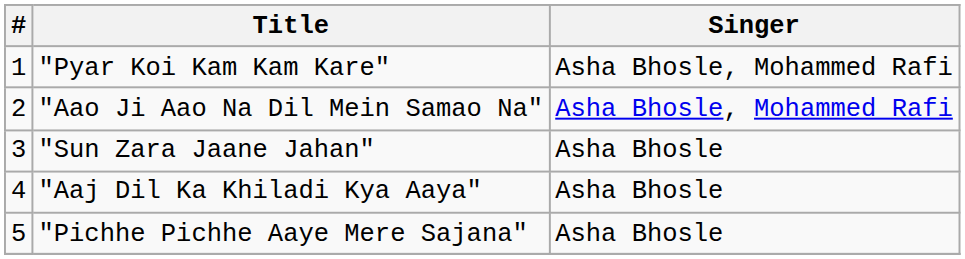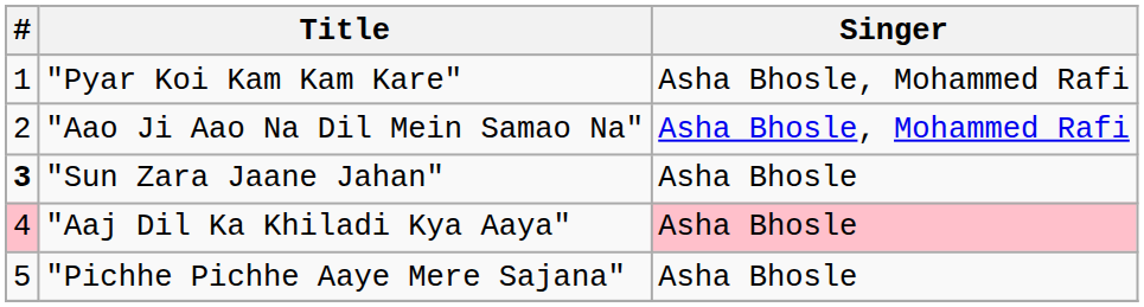 <table class="wikitable">
 <tr>
 <th>#</th>
 <th>Title</th>
 <th>Singer</th>
 </tr>
 <tr>
 <td>1</td>
 <td>"Pyar Koi Kam Kam Kare"</td>
 <td>Asha Bhosle, Mohammed Rafi</td>
 </tr>
 <tr>
 <td>2</td>
 <td>"Aao Ji Aao Na Dil Mein Samao Na"</td>
 <td><a href='#'>Asha Bhosle</a>, <a href='#'>Mohammed Rafi</a></td>
 </tr>
 <tr>
-<td>3</td>
+<td><strong>3</strong></td>
 <td>"Sun Zara Jaane Jahan"</td>
 <td>Asha Bhosle</td>
 </tr>
 <tr>
-<td>4</td>
+<td style="background: pink;">4</td>
 <td>"Aaj Dil Ka Khiladi Kya Aaya"</td>
-<td>Asha Bhosle</td>
+<td style="background: pink;">Asha Bhosle</td>
 </tr>
 <tr>
 <td>5</td>
 <td>"Pichhe Pichhe Aaye Mere Sajana"</td>
 <td>Asha Bhosle</td>
 </tr>
 <tr>
 </tr>
 </table>
